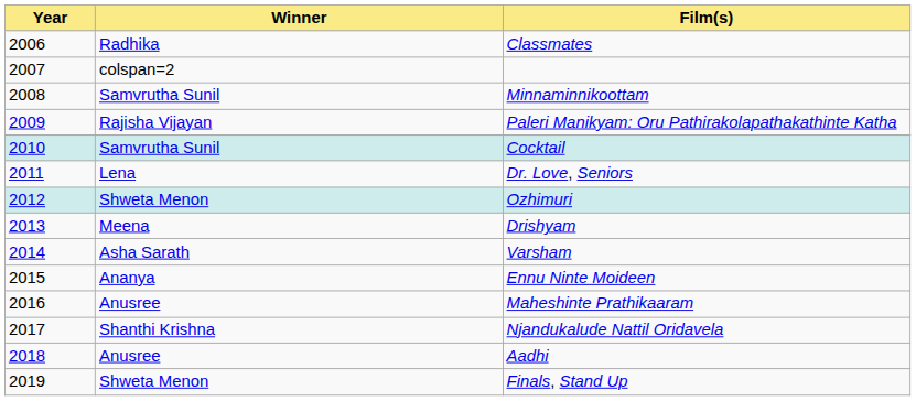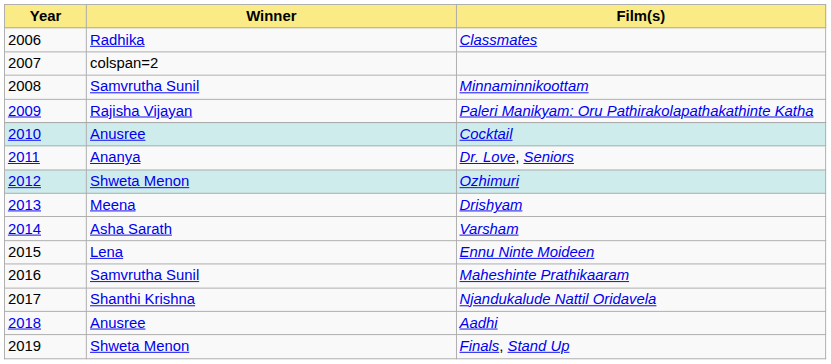 <table class="wikitable" style="width:100%">
 <tr bgcolor="#bebebe">
 <th width="10%" style="background:#FAEB86">Year</th>
 <th width="45%" style="background:#FAEB86">Winner</th>
 <th width="45%" style="background:#FAEB86">Film(s)</th>
 </tr>
 <tr>
 <td>2006</td>
 <td><a href='#'>Radhika</a></td>
 <td><em><a href='#'>Classmates</a></em></td>
 </tr>
 <tr>
 <td>2007</td>
 <td>colspan=2 </td>
 </tr>
 <tr>
 <td>2008</td>
 <td><a href='#'>Samvrutha Sunil</a></td>
 <td><em><a href='#'>Minnaminnikoottam</a></em></td>
 </tr>
 <tr>
 <td><a href='#'>2009</a></td>
 <td><a href='#'>Rajisha Vijayan</a></td>
 <td><em><a href='#'>Paleri Manikyam: Oru Pathirakolapathakathinte Katha</a></em></td>
 </tr>
 <tr>
 </tr>
 <tr bgcolor="#cfecec">
 <td><a href='#'>2010</a></td>
-<td><a href='#'>Samvrutha Sunil</a></td>
+<td><a href='#'>Anusree</a></td>
 <td><em><a href='#'>Cocktail</a></em></td>
 </tr>
 <tr>
 <td><a href='#'>2011</a></td>
-<td><a href='#'>Lena</a></td>
+<td><a href='#'>Ananya</a></td>
 <td><em><a href='#'>Dr. Love</a></em>, <em><a href='#'>Seniors</a></em></td>
 </tr>
 <tr bgcolor="#cfecec">
 <td><a href='#'>2012</a></td>
 <td><a href='#'>Shweta Menon</a></td>
 <td><em><a href='#'>Ozhimuri</a></em></td>
 </tr>
 <tr>
 <td><a href='#'>2013</a></td>
 <td><a href='#'>Meena</a></td>
 <td><em><a href='#'>Drishyam</a></em></td>
 </tr>
 <tr>
 <td><a href='#'>2014</a></td>
 <td><a href='#'>Asha Sarath</a></td>
 <td><em><a href='#'>Varsham</a></em></td>
 </tr>
 <tr>
 <td>2015</td>
-<td><a href='#'>Ananya</a></td>
+<td><a href='#'>Lena</a></td>
 <td><em><a href='#'>Ennu Ninte Moideen</a></em></td>
 </tr>
 <tr>
 <td>2016</td>
-<td><a href='#'>Anusree</a></td>
+<td><a href='#'>Samvrutha Sunil</a></td>
 <td><em><a href='#'>Maheshinte Prathikaaram</a></em></td>
 </tr>
 <tr>
 <td>2017</td>
 <td><a href='#'>Shanthi Krishna</a></td>
 <td><em><a href='#'>Njandukalude Nattil Oridavela</a></em></td>
 </tr>
 <tr>
 <td><a href='#'>2018</a></td>
 <td><a href='#'>Anusree</a></td>
 <td><em><a href='#'>Aadhi</a></em></td>
 </tr>
 <tr>
 <td>2019</td>
 <td><a href='#'>Shweta Menon</a></td>
 <td><em><a href='#'>Finals</a></em>, <em><a href='#'>Stand Up</a></em></td>
 </tr>
 </table>
